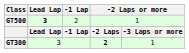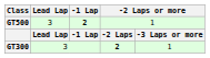 <table class="wikitable" style="font-size:85%; text-align:center">
 <tr>
 <th>Class</th>
 <th>Lead Lap</th>
 <th>-1 Lap</th>
 <th colspan="2">-2 Laps or more</th>
 </tr>
 <tr>
 <th>GT500</th>
-<td style="background:#dfffdf;"><strong>3</strong></td>
-<td style="background:#dfffdf;">2</td>
+<td style="background:#dfffdf;">3</td>
+<td style="background:#dfffdf;"><strong>2</strong></td>
 <td style="background:#dfffdf;" colspan="2">1</td>
 </tr>
 <tr>
 <th></th>
 <th>Lead Lap</th>
 <th>-1 Lap</th>
 <th>-2 Laps</th>
 <th>-3 Laps or more</th>
 </tr>
 <tr>
 <th>GT300</th>
 <td style="background:#dfffdf;" colspan="2">3</td>
 <td style="background:#dfffdf;"><strong>2</strong></td>
 <td style="background:#dfffdf;">1</td>
 </tr>
 </table>
